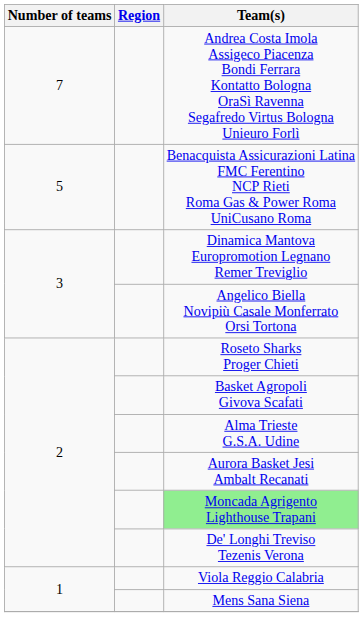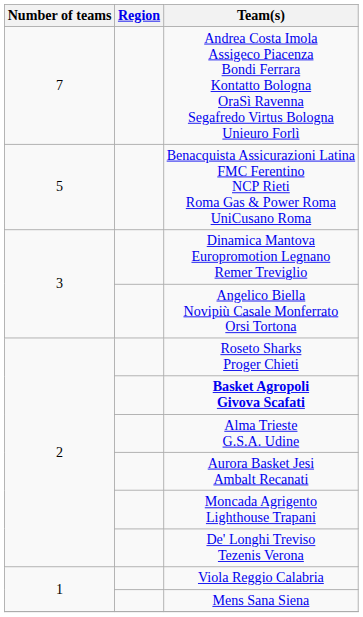 <table class="wikitable" style="text-align:center">
 <tr>
 <th>Number of teams</th>
 <th><a href='#'>Region</a></th>
 <th>Team(s)</th>
 </tr>
 <tr>
 <td rowspan="1">7</td>
 <td align="left"></td>
 <td><a href='#'>Andrea Costa Imola</a><br><a href='#'>Assigeco Piacenza</a><br><a href='#'>Bondi Ferrara</a><br><a href='#'>Kontatto Bologna</a><br><a href='#'>OraSì Ravenna</a><br><a href='#'>Segafredo Virtus Bologna</a><br><a href='#'>Unieuro Forlì</a></td>
 </tr>
 <tr>
 <td rowspan="1">5</td>
 <td align="left"></td>
 <td><a href='#'>Benacquista Assicurazioni Latina</a><br><a href='#'>FMC Ferentino</a><br><a href='#'>NCP Rieti</a><br><a href='#'>Roma Gas & Power Roma</a><br><a href='#'>UniCusano Roma</a></td>
 </tr>
 <tr>
 <td rowspan="2">3</td>
 <td align="left"></td>
 <td><a href='#'>Dinamica Mantova</a><br> <a href='#'>Europromotion Legnano</a><br> <a href='#'>Remer Treviglio</a></td>
 </tr>
 <tr>
 <td align="left"></td>
 <td><a href='#'>Angelico Biella</a><br><a href='#'>Novipiù Casale Monferrato</a><br><a href='#'>Orsi Tortona</a></td>
 </tr>
 <tr>
 <td rowspan="6">2</td>
 <td align="left"></td>
 <td><a href='#'>Roseto Sharks</a><br><a href='#'>Proger Chieti</a></td>
 </tr>
 <tr>
 <td align="left"></td>
-<td><a href='#'>Basket Agropoli</a><br><a href='#'>Givova Scafati</a></td>
+<td><strong><a href='#'>Basket Agropoli</a><br><a href='#'>Givova Scafati</a></strong></td>
 </tr>
 <tr>
 <td align="left"></td>
 <td><a href='#'>Alma Trieste</a><br><a href='#'>G.S.A. Udine</a></td>
 </tr>
 <tr>
 <td align="left"></td>
 <td><a href='#'>Aurora Basket Jesi</a><br><a href='#'>Ambalt Recanati</a></td>
 </tr>
 <tr>
 <td align="left"></td>
-<td style="background: lightgreen;"><a href='#'>Moncada Agrigento</a><br><a href='#'>Lighthouse Trapani</a></td>
+<td><a href='#'>Moncada Agrigento</a><br><a href='#'>Lighthouse Trapani</a></td>
 </tr>
 <tr>
 <td align="left"></td>
 <td><a href='#'>De' Longhi Treviso</a><br><a href='#'>Tezenis Verona</a></td>
 </tr>
 <tr>
 <td rowspan="2">1</td>
 <td align="left"></td>
 <td><a href='#'>Viola Reggio Calabria</a></td>
 </tr>
 <tr>
 <td align="left"></td>
 <td><a href='#'>Mens Sana Siena</a></td>
 </tr>
 <tr>
 </tr>
 </table>
